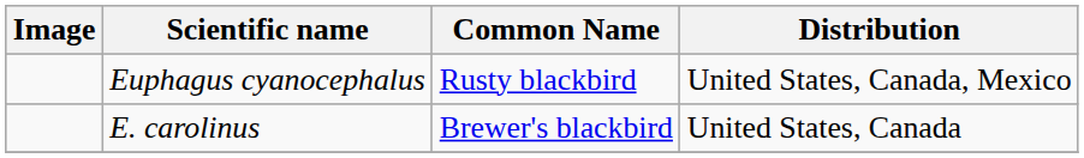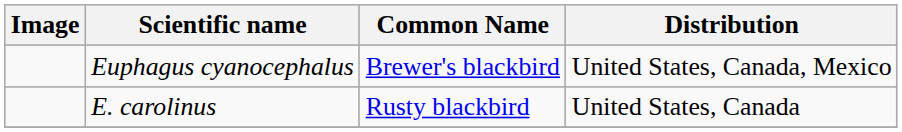 <table class="wikitable">
 <tr>
 <th>Image</th>
 <th>Scientific name</th>
 <th>Common Name</th>
 <th>Distribution</th>
 </tr>
 <tr>
 <td></td>
 <td><em>Euphagus cyanocephalus</em></td>
-<td><a href='#'>Rusty blackbird</a></td>
+<td><a href='#'>Brewer's blackbird</a></td>
 <td>United States, Canada, Mexico</td>
 </tr>
 <tr>
 <td></td>
 <td><em>E. carolinus</em></td>
-<td><a href='#'>Brewer's blackbird</a></td>
+<td><a href='#'>Rusty blackbird</a></td>
 <td>United States, Canada</td>
 </tr>
 <tr>
 </tr>
 </table>
